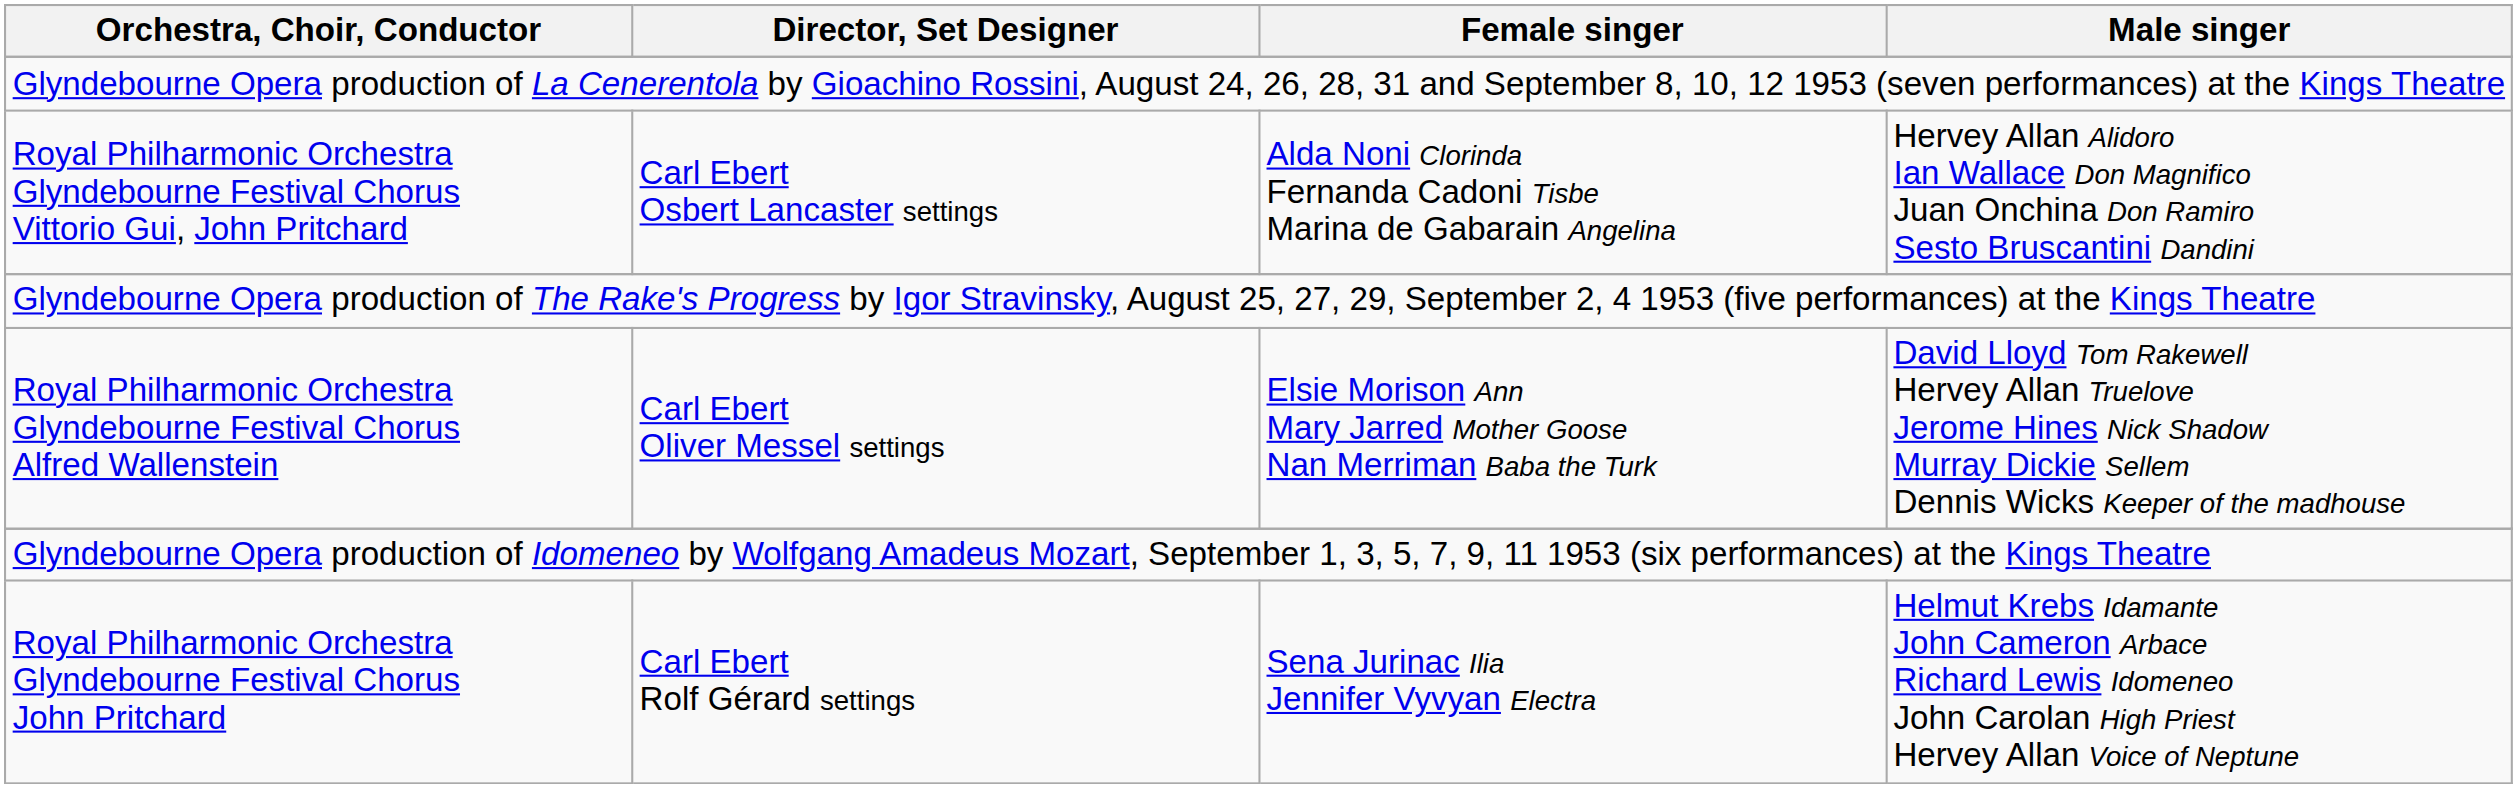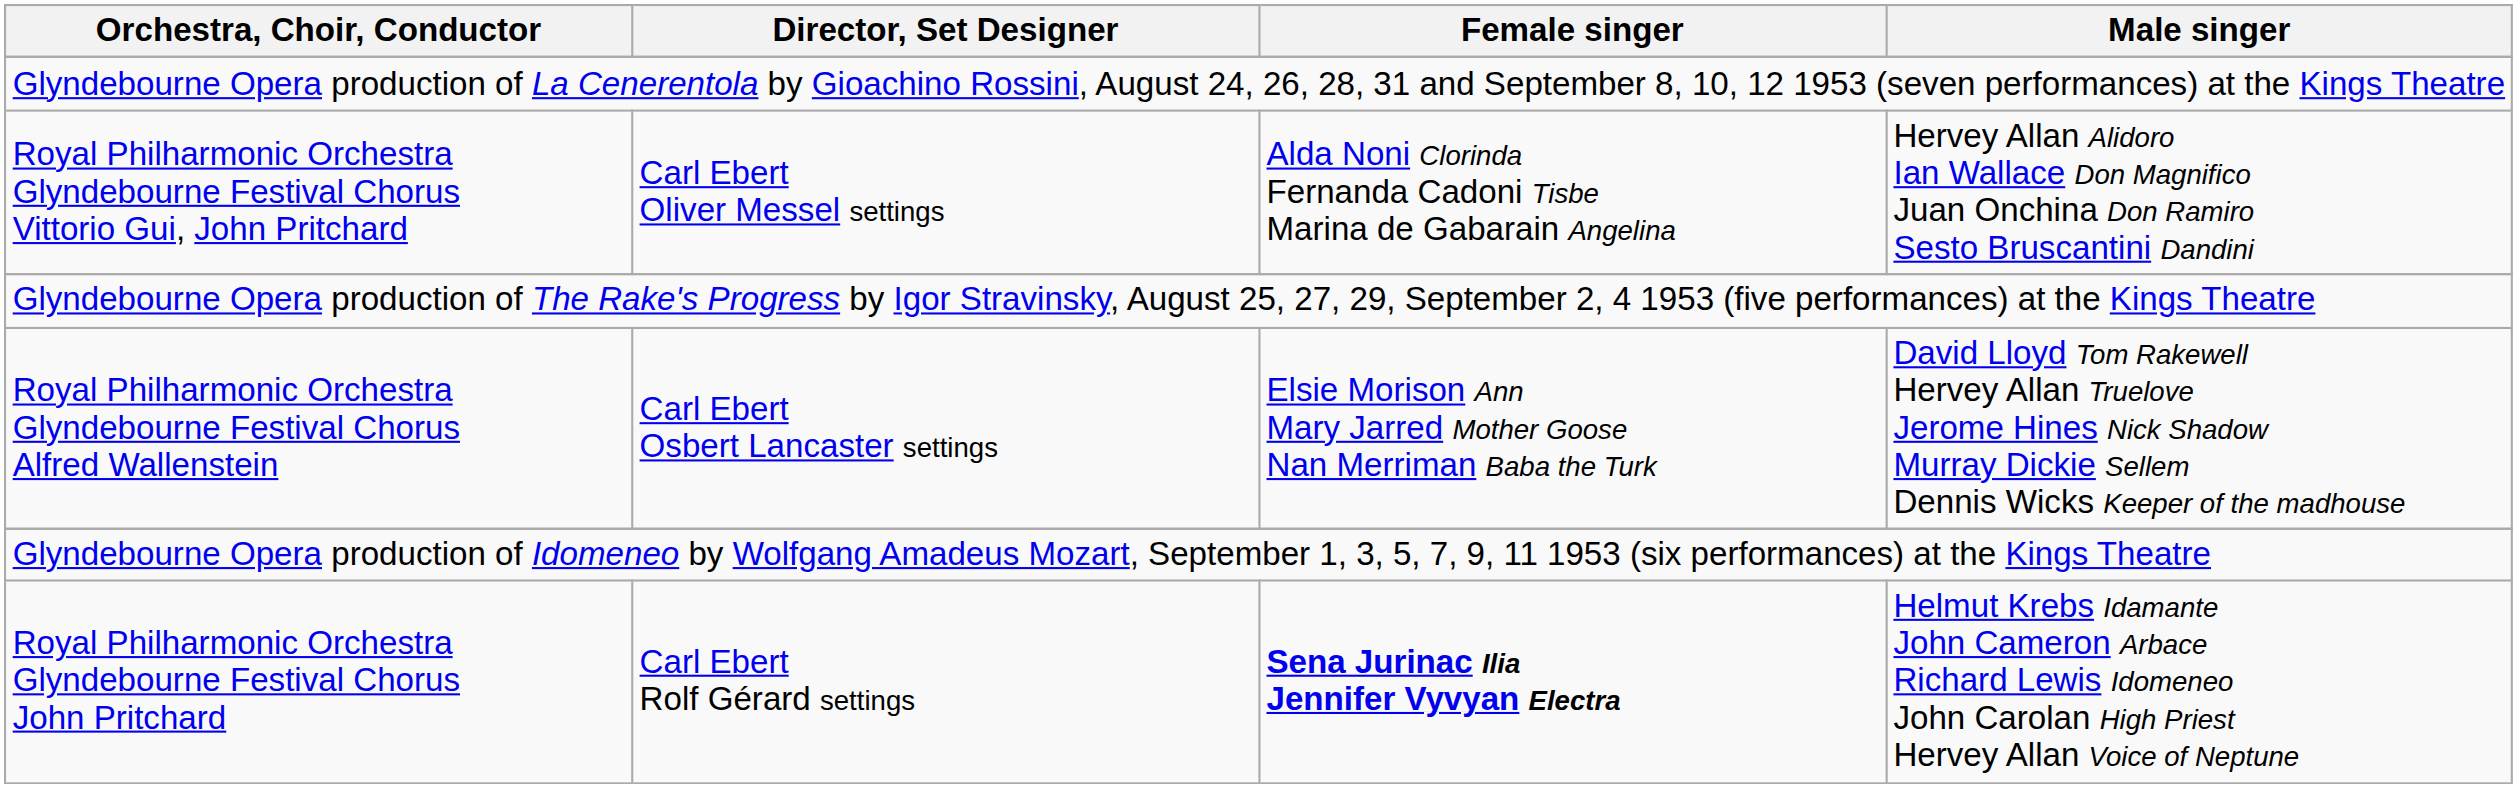 <table class="wikitable toptextcells">
 <tr class="hintergrundfarbe5">
 <th style="width:25%;">Orchestra, Choir, Conductor</th>
 <th style="width:25%;">Director, Set Designer</th>
 <th style="width:25%;">Female singer</th>
 <th style="width:25%;">Male singer</th>
 </tr>
 <tr>
 </tr>
 <tr class="hintergrundfarbe8">
 <td colspan="9"><a href='#'>Glyndebourne Opera</a> production of <em><a href='#'>La Cenerentola</a></em> by <a href='#'>Gioachino Rossini</a>, August 24, 26, 28, 31 and September 8, 10, 12 1953 (seven performances) at the <a href='#'>Kings Theatre</a></td>
 </tr>
 <tr>
 <td><a href='#'>Royal Philharmonic Orchestra</a><br><a href='#'>Glyndebourne Festival Chorus</a><br><a href='#'>Vittorio Gui</a>, <a href='#'>John Pritchard</a></td>
-<td><a href='#'>Carl Ebert</a><br><a href='#'>Osbert Lancaster</a> <small>settings</small></td>
+<td><a href='#'>Carl Ebert</a><br><a href='#'>Oliver Messel</a> <small>settings</small></td>
 <td><a href='#'>Alda Noni</a> <small><em>Clorinda</em></small><br>Fernanda Cadoni <small><em>Tisbe</em></small><br>Marina de Gabarain <small><em>Angelina</em></small></td>
 <td>Hervey Allan <small><em>Alidoro</em></small><br><a href='#'>Ian Wallace</a> <small><em>Don Magnifico</em></small><br>Juan Onchina <small><em>Don Ramiro</em></small><br><a href='#'>Sesto Bruscantini</a> <small><em>Dandini</em></small></td>
 </tr>
 <tr>
 </tr>
 <tr class="hintergrundfarbe8">
 <td colspan="9"><a href='#'>Glyndebourne Opera</a> production of <em><a href='#'>The Rake's Progress</a></em> by <a href='#'>Igor Stravinsky</a>, August 25, 27, 29, September 2, 4 1953 (five performances) at the <a href='#'>Kings Theatre</a></td>
 </tr>
 <tr>
 <td><a href='#'>Royal Philharmonic Orchestra</a><br><a href='#'>Glyndebourne Festival Chorus</a><br><a href='#'>Alfred Wallenstein</a></td>
-<td><a href='#'>Carl Ebert</a><br><a href='#'>Oliver Messel</a> <small>settings</small></td>
+<td><a href='#'>Carl Ebert</a><br><a href='#'>Osbert Lancaster</a> <small>settings</small></td>
 <td><a href='#'>Elsie Morison</a> <small><em>Ann</em></small><br><a href='#'>Mary Jarred</a> <small><em>Mother Goose</em></small><br><a href='#'>Nan Merriman</a> <small><em>Baba the Turk</em></small></td>
 <td><a href='#'>David Lloyd</a> <small><em>Tom Rakewell</em></small><br>Hervey Allan <small><em>Truelove</em></small><br><a href='#'>Jerome Hines</a> <small><em>Nick Shadow</em></small><br><a href='#'>Murray Dickie</a> <small><em>Sellem</em></small><br>Dennis Wicks <small><em>Keeper of the madhouse</em></small></td>
 </tr>
 <tr>
 </tr>
 <tr class="hintergrundfarbe8">
 <td colspan="9"><a href='#'>Glyndebourne Opera</a> production of <em><a href='#'>Idomeneo</a></em> by <a href='#'>Wolfgang Amadeus Mozart</a>, September 1, 3, 5, 7, 9, 11 1953 (six performances) at the <a href='#'>Kings Theatre</a></td>
 </tr>
 <tr>
 <td><a href='#'>Royal Philharmonic Orchestra</a><br><a href='#'>Glyndebourne Festival Chorus</a><br><a href='#'>John Pritchard</a></td>
 <td><a href='#'>Carl Ebert</a><br>Rolf Gérard <small>settings</small></td>
-<td><a href='#'>Sena Jurinac</a> <small><em>Ilia</em></small><br><a href='#'>Jennifer Vyvyan</a> <small><em>Electra</em></small></td>
+<td><strong><a href='#'>Sena Jurinac</a> <small><em>Ilia</em></small><br><a href='#'>Jennifer Vyvyan</a> <small><em>Electra</em></small></strong></td>
 <td><a href='#'>Helmut Krebs</a> <small><em>Idamante</em></small><br><a href='#'>John Cameron</a> <small><em>Arbace</em></small><br><a href='#'>Richard Lewis</a> <small><em>Idomeneo</em></small><br>John Carolan <small><em>High Priest</em></small><br>Hervey Allan <small><em>Voice of Neptune</em></small></td>
 </tr>
 </table>
